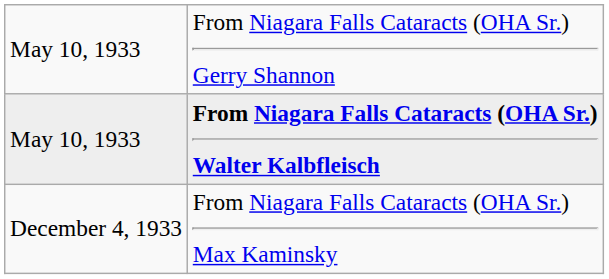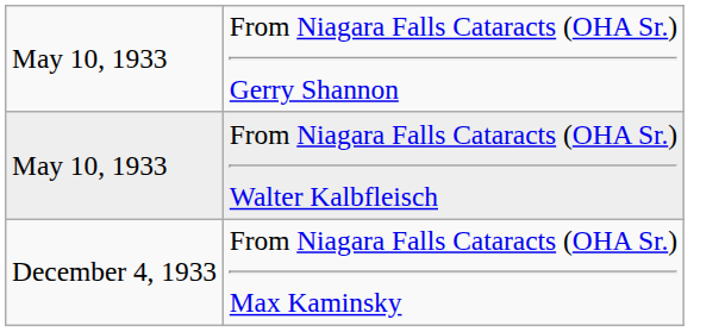 <table class="wikitable">
 <tr>
 <td>May 10, 1933</td>
 <td valign="top">From <a href='#'>Niagara Falls Cataracts</a> (<a href='#'>OHA Sr.</a>)<hr><a href='#'>Gerry Shannon</a></td>
 </tr>
 <tr style="background:#eee;">
 <td>May 10, 1933</td>
-<td valign="top"><strong>From <a href='#'>Niagara Falls Cataracts</a> (<a href='#'>OHA Sr.</a>)<hr><a href='#'>Walter Kalbfleisch</a></strong></td>
+<td valign="top">From <a href='#'>Niagara Falls Cataracts</a> (<a href='#'>OHA Sr.</a>)<hr><a href='#'>Walter Kalbfleisch</a></td>
 </tr>
 <tr>
 <td>December 4, 1933</td>
 <td valign="top">From <a href='#'>Niagara Falls Cataracts</a> (<a href='#'>OHA Sr.</a>)<hr><a href='#'>Max Kaminsky</a></td>
 </tr>
 </table>
